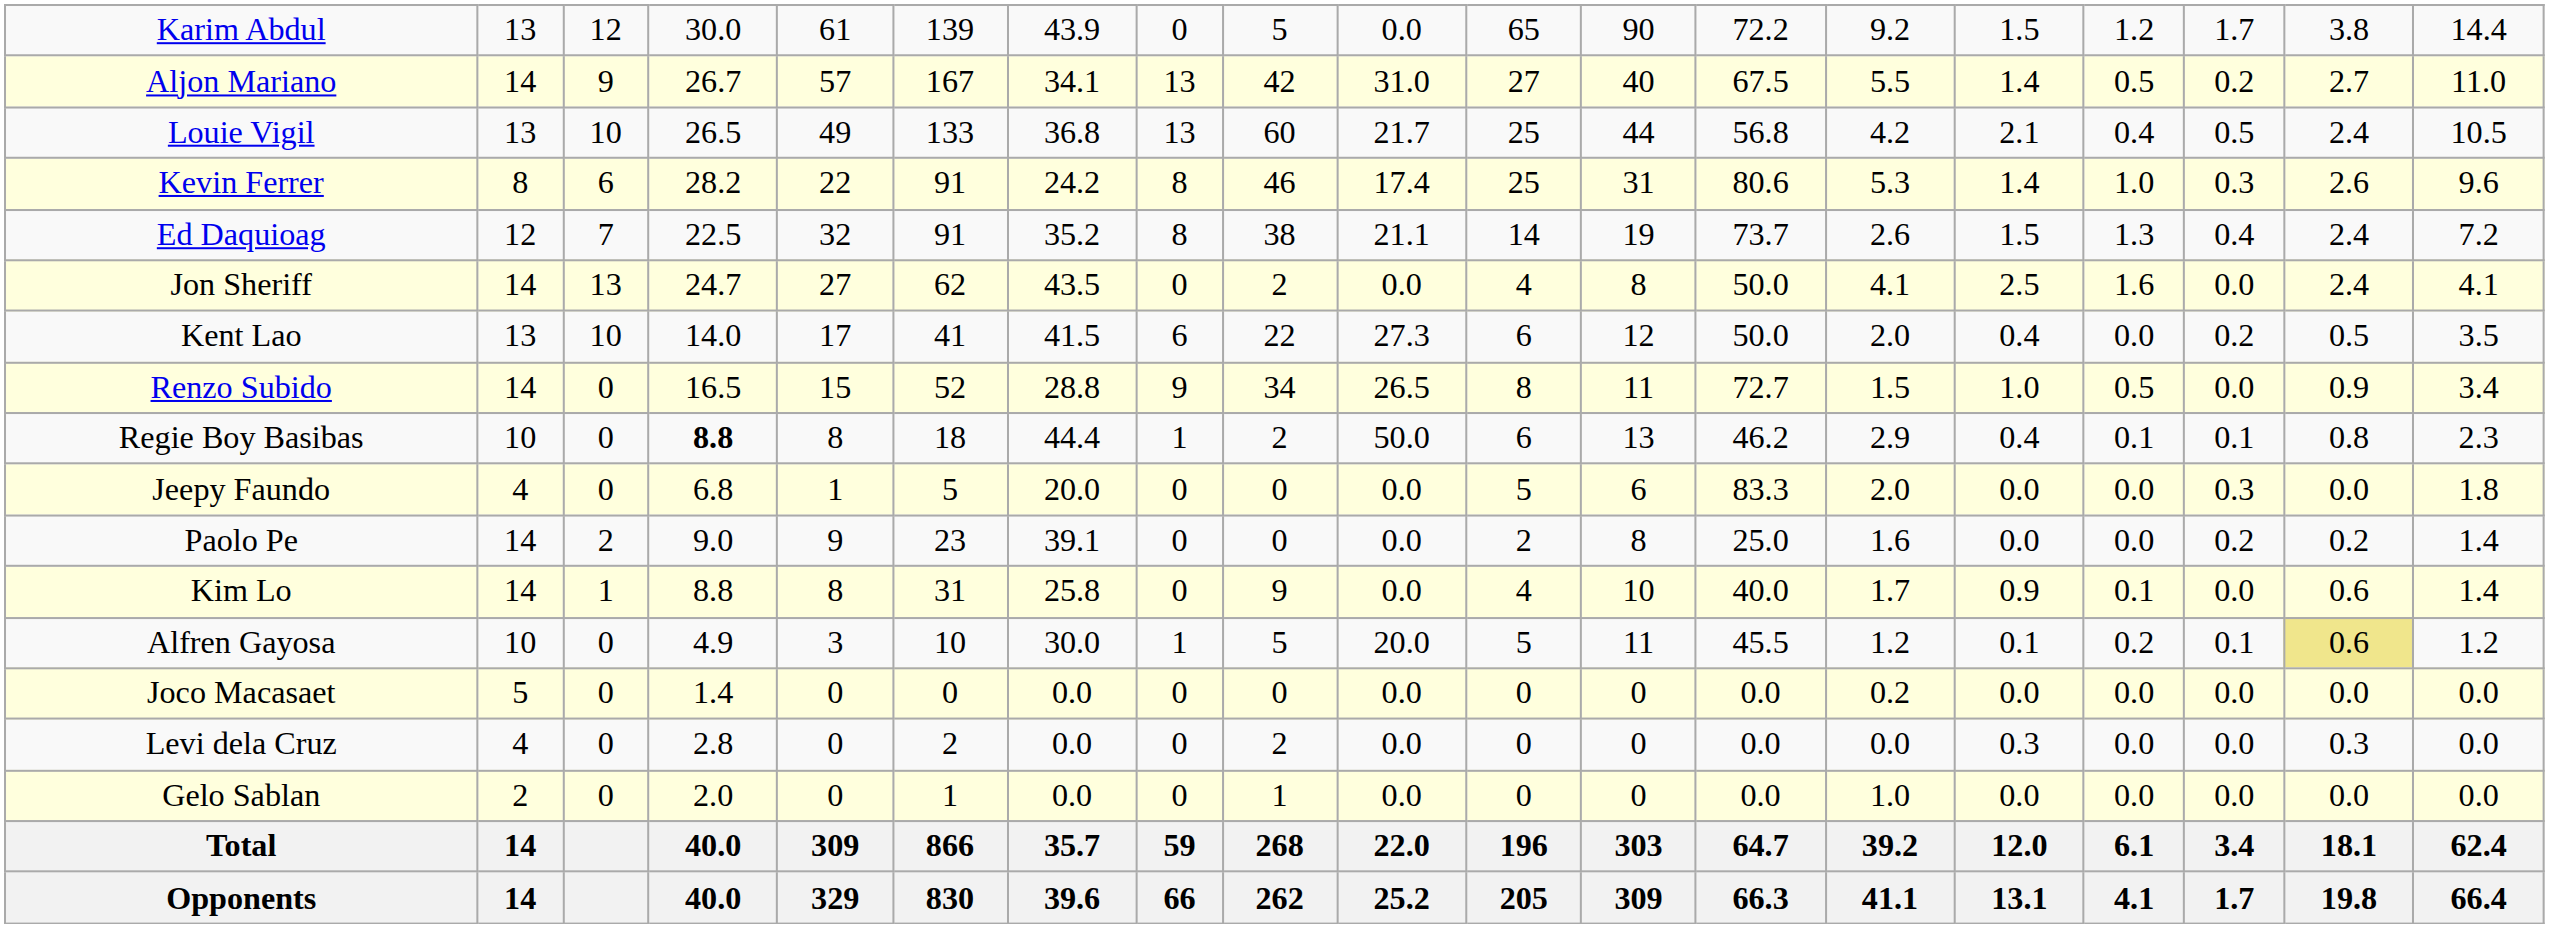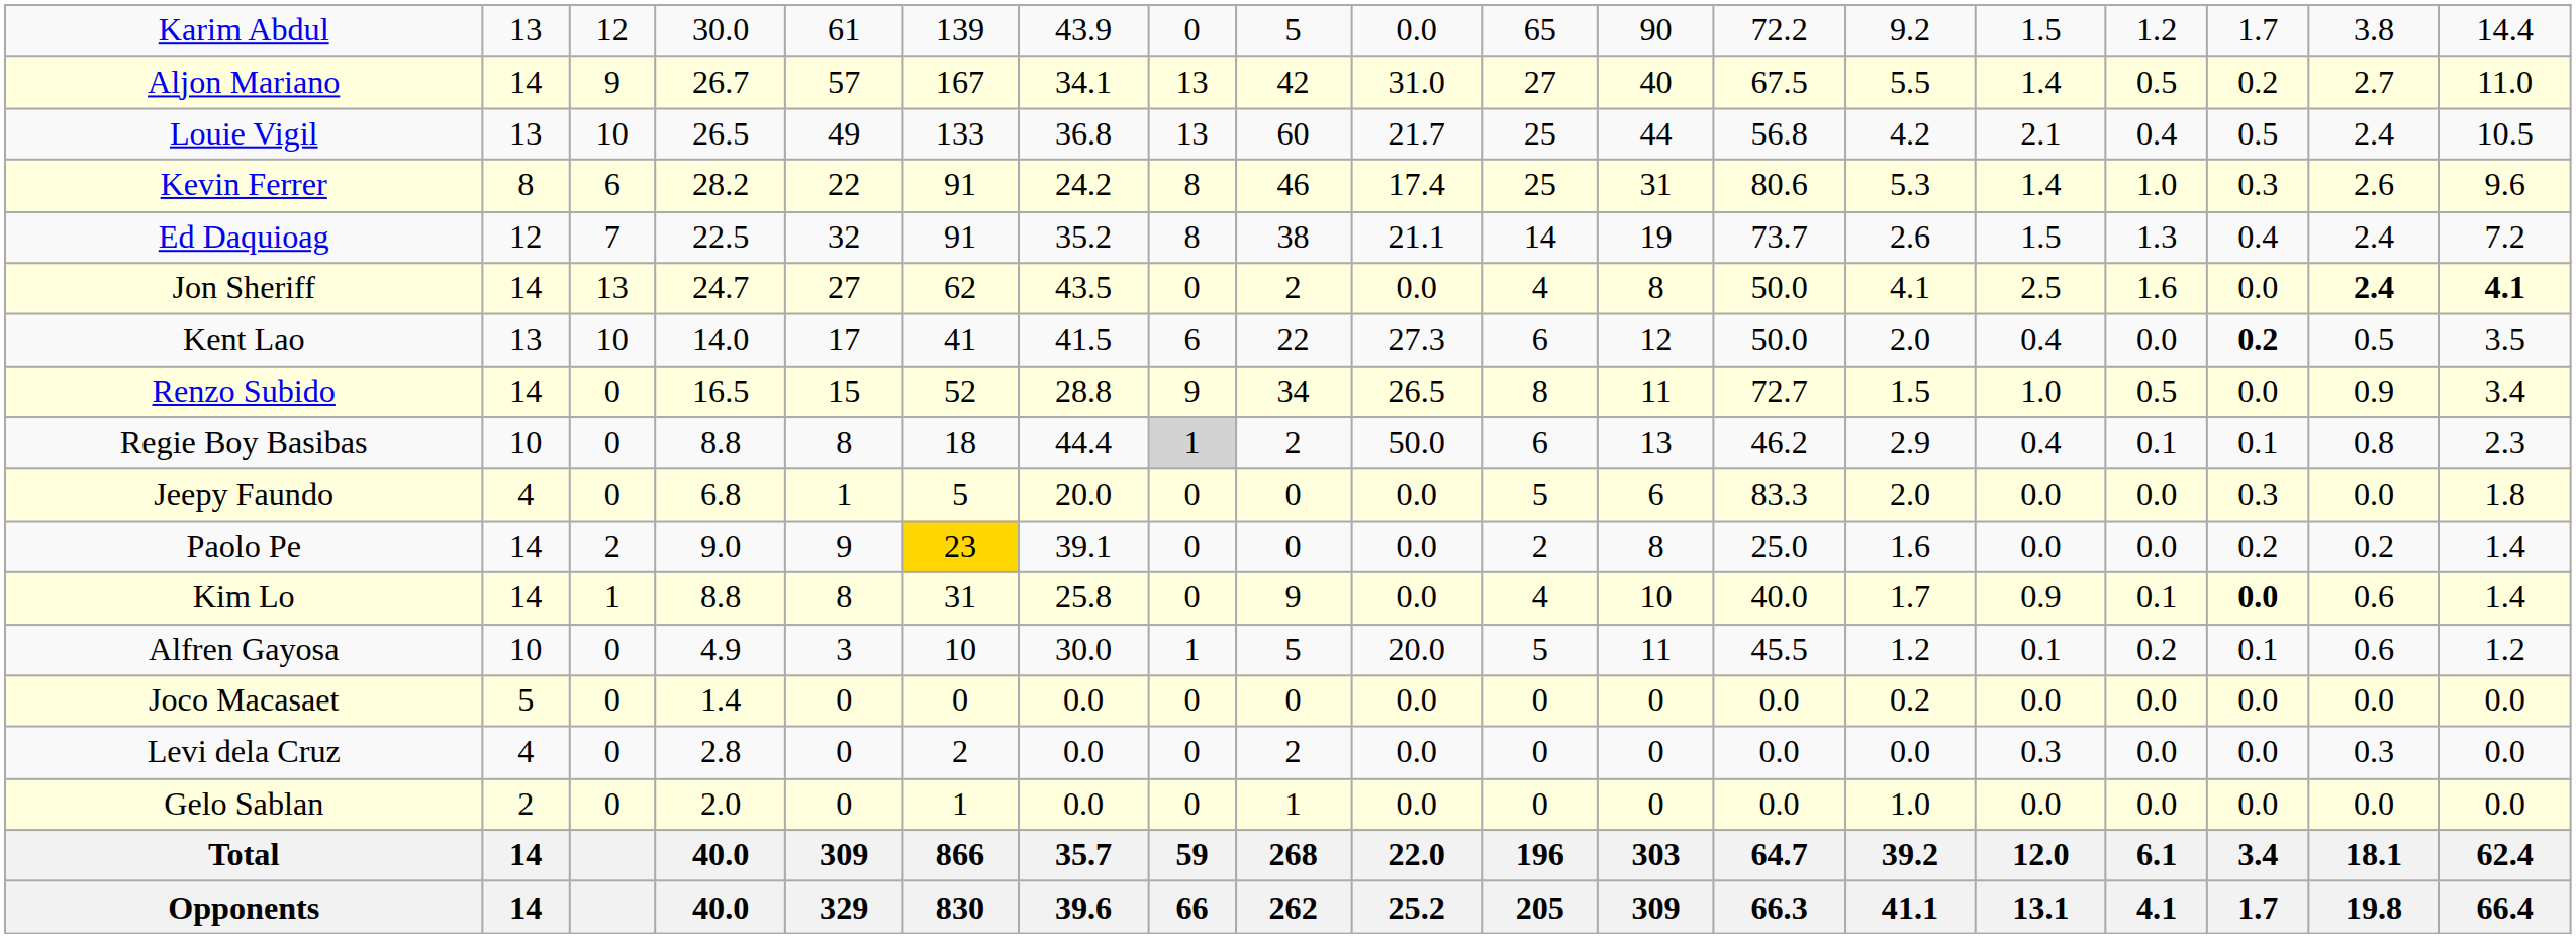 <table class=wikitable width=100%>
 <tr align=center>
 <td><a href='#'>Karim Abdul</a></td>
 <td>13</td>
 <td>12</td>
 <td style=>30.0</td>
 <td>61</td>
 <td>139</td>
 <td>43.9</td>
 <td>0</td>
 <td>5</td>
 <td>0.0</td>
 <td>65</td>
 <td>90</td>
 <td>72.2</td>
 <td style=>9.2</td>
 <td>1.5</td>
 <td>1.2</td>
 <td style=>1.7</td>
 <td>3.8</td>
 <td style=>14.4</td>
 </tr>
 <tr bgcolor=#ffffdd align=center>
 <td><a href='#'>Aljon Mariano</a></td>
 <td>14</td>
 <td>9</td>
 <td>26.7</td>
 <td>57</td>
 <td>167</td>
 <td>34.1</td>
 <td>13</td>
 <td>42</td>
 <td>31.0</td>
 <td>27</td>
 <td>40</td>
 <td>67.5</td>
 <td>5.5</td>
 <td>1.4</td>
 <td>0.5</td>
 <td>0.2</td>
 <td>2.7</td>
 <td>11.0</td>
 </tr>
 <tr align=center>
 <td><a href='#'>Louie Vigil</a></td>
 <td>13</td>
 <td>10</td>
 <td>26.5</td>
 <td>49</td>
 <td>133</td>
 <td>36.8</td>
 <td>13</td>
 <td>60</td>
 <td>21.7</td>
 <td>25</td>
 <td>44</td>
 <td>56.8</td>
 <td>4.2</td>
 <td>2.1</td>
 <td>0.4</td>
 <td>0.5</td>
 <td>2.4</td>
 <td>10.5</td>
 </tr>
 <tr bgcolor=#ffffdd align=center>
 <td><a href='#'>Kevin Ferrer</a></td>
 <td>8</td>
 <td>6</td>
 <td>28.2</td>
 <td>22</td>
 <td>91</td>
 <td>24.2</td>
 <td>8</td>
 <td>46</td>
 <td>17.4</td>
 <td>25</td>
 <td>31</td>
 <td style=>80.6</td>
 <td>5.3</td>
 <td>1.4</td>
 <td>1.0</td>
 <td>0.3</td>
 <td>2.6</td>
 <td>9.6</td>
 </tr>
 <tr align=center>
 <td><a href='#'>Ed Daquioag</a></td>
 <td>12</td>
 <td>7</td>
 <td>22.5</td>
 <td>32</td>
 <td>91</td>
 <td>35.2</td>
 <td>8</td>
 <td>38</td>
 <td>21.1</td>
 <td>14</td>
 <td>19</td>
 <td>73.7</td>
 <td>2.6</td>
 <td>1.5</td>
 <td>1.3</td>
 <td>0.4</td>
 <td>2.4</td>
 <td>7.2</td>
 </tr>
 <tr bgcolor=#ffffdd align=center>
 <td>Jon Sheriff</td>
 <td>14</td>
 <td>13</td>
 <td>24.7</td>
 <td>27</td>
 <td>62</td>
 <td>43.5</td>
 <td>0</td>
 <td>2</td>
 <td>0.0</td>
 <td>4</td>
 <td>8</td>
 <td>50.0</td>
 <td>4.1</td>
 <td style=>2.5</td>
 <td style=>1.6</td>
 <td>0.0</td>
-<td>2.4</td>
-<td>4.1</td>
+<td><strong>2.4</strong></td>
+<td><strong>4.1</strong></td>
 </tr>
 <tr align=center>
 <td>Kent Lao</td>
 <td>13</td>
 <td>10</td>
 <td>14.0</td>
 <td>17</td>
 <td>41</td>
 <td>41.5</td>
 <td>6</td>
 <td>22</td>
 <td>27.3</td>
 <td>6</td>
 <td>12</td>
 <td>50.0</td>
 <td>2.0</td>
 <td>0.4</td>
 <td>0.0</td>
-<td>0.2</td>
+<td><strong>0.2</strong></td>
 <td>0.5</td>
 <td>3.5</td>
 </tr>
 <tr bgcolor=#ffffdd align=center>
 <td><a href='#'>Renzo Subido</a></td>
 <td>14</td>
 <td>0</td>
 <td>16.5</td>
 <td>15</td>
 <td>52</td>
 <td>28.8</td>
 <td>9</td>
 <td>34</td>
 <td>26.5</td>
 <td>8</td>
 <td>11</td>
 <td>72.7</td>
 <td>1.5</td>
 <td>1.0</td>
 <td>0.5</td>
 <td>0.0</td>
 <td>0.9</td>
 <td>3.4</td>
 </tr>
 <tr align=center>
 <td>Regie Boy Basibas</td>
 <td>10</td>
 <td>0</td>
-<td><strong>8.8</strong></td>
+<td>8.8</td>
 <td>8</td>
 <td>18</td>
 <td style=>44.4</td>
-<td>1</td>
+<td style="background: lightgrey;">1</td>
 <td>2</td>
 <td style=>50.0</td>
 <td>6</td>
 <td>13</td>
 <td>46.2</td>
 <td>2.9</td>
 <td>0.4</td>
 <td>0.1</td>
 <td>0.1</td>
 <td>0.8</td>
 <td>2.3</td>
 </tr>
 <tr bgcolor=#ffffdd align=center>
 <td>Jeepy Faundo</td>
 <td>4</td>
 <td>0</td>
 <td>6.8</td>
 <td>1</td>
 <td>5</td>
 <td>20.0</td>
 <td>0</td>
 <td>0</td>
 <td>0.0</td>
 <td>5</td>
 <td>6</td>
 <td>83.3</td>
 <td>2.0</td>
 <td>0.0</td>
 <td>0.0</td>
 <td>0.3</td>
 <td>0.0</td>
 <td>1.8</td>
 </tr>
 <tr align=center>
 <td>Paolo Pe</td>
 <td>14</td>
 <td>2</td>
 <td>9.0</td>
 <td>9</td>
-<td>23</td>
+<td style="background: gold;">23</td>
 <td>39.1</td>
 <td>0</td>
 <td>0</td>
 <td>0.0</td>
 <td>2</td>
 <td>8</td>
 <td>25.0</td>
 <td>1.6</td>
 <td>0.0</td>
 <td>0.0</td>
 <td>0.2</td>
 <td>0.2</td>
 <td>1.4</td>
 </tr>
 <tr bgcolor=#ffffdd align=center>
 <td>Kim Lo</td>
 <td>14</td>
 <td>1</td>
 <td>8.8</td>
 <td>8</td>
 <td>31</td>
 <td>25.8</td>
 <td>0</td>
 <td>9</td>
 <td>0.0</td>
 <td>4</td>
 <td>10</td>
 <td>40.0</td>
 <td>1.7</td>
 <td>0.9</td>
 <td>0.1</td>
-<td>0.0</td>
+<td><strong>0.0</strong></td>
 <td>0.6</td>
 <td>1.4</td>
 </tr>
 <tr align=center>
 <td>Alfren Gayosa</td>
 <td>10</td>
 <td>0</td>
 <td>4.9</td>
 <td>3</td>
 <td>10</td>
 <td>30.0</td>
 <td>1</td>
 <td>5</td>
 <td>20.0</td>
 <td>5</td>
 <td>11</td>
 <td>45.5</td>
 <td>1.2</td>
 <td>0.1</td>
 <td>0.2</td>
 <td>0.1</td>
-<td style="background: khaki;">0.6</td>
+<td>0.6</td>
 <td>1.2</td>
 </tr>
 <tr bgcolor=#ffffdd align=center>
 <td>Joco Macasaet</td>
 <td>5</td>
 <td>0</td>
 <td>1.4</td>
 <td>0</td>
 <td>0</td>
 <td>0.0</td>
 <td>0</td>
 <td>0</td>
 <td>0.0</td>
 <td>0</td>
 <td>0</td>
 <td>0.0</td>
 <td>0.2</td>
 <td>0.0</td>
 <td>0.0</td>
 <td>0.0</td>
 <td>0.0</td>
 <td>0.0</td>
 </tr>
 <tr align=center>
 <td>Levi dela Cruz</td>
 <td>4</td>
 <td>0</td>
 <td>2.8</td>
 <td>0</td>
 <td>2</td>
 <td>0.0</td>
 <td>0</td>
 <td>2</td>
 <td>0.0</td>
 <td>0</td>
 <td>0</td>
 <td>0.0</td>
 <td>0.0</td>
 <td>0.3</td>
 <td>0.0</td>
 <td>0.0</td>
 <td>0.3</td>
 <td>0.0</td>
 </tr>
 <tr bgcolor=#ffffdd align=center>
 <td>Gelo Sablan</td>
 <td>2</td>
 <td>0</td>
 <td>2.0</td>
 <td>0</td>
 <td>1</td>
 <td>0.0</td>
 <td>0</td>
 <td>1</td>
 <td>0.0</td>
 <td>0</td>
 <td>0</td>
 <td>0.0</td>
 <td>1.0</td>
 <td>0.0</td>
 <td>0.0</td>
 <td>0.0</td>
 <td>0.0</td>
 <td>0.0</td>
 </tr>
 <tr class=sortbottom>
 <th>Total</th>
 <th>14</th>
 <th></th>
 <th>40.0</th>
 <th>309</th>
 <th>866</th>
 <th>35.7</th>
 <th>59</th>
 <th>268</th>
 <th>22.0</th>
 <th>196</th>
 <th>303</th>
 <th>64.7</th>
 <th>39.2</th>
 <th>12.0</th>
 <th>6.1</th>
 <th>3.4</th>
 <th>18.1</th>
 <th>62.4</th>
 </tr>
 <tr class=sortbottom>
 <th>Opponents</th>
 <th>14</th>
 <th></th>
 <th>40.0</th>
 <th>329</th>
 <th>830</th>
 <th>39.6</th>
 <th>66</th>
 <th>262</th>
 <th>25.2</th>
 <th>205</th>
 <th>309</th>
 <th>66.3</th>
 <th>41.1</th>
 <th>13.1</th>
 <th>4.1</th>
 <th>1.7</th>
 <th>19.8</th>
 <th>66.4</th>
 </tr>
 </table>
